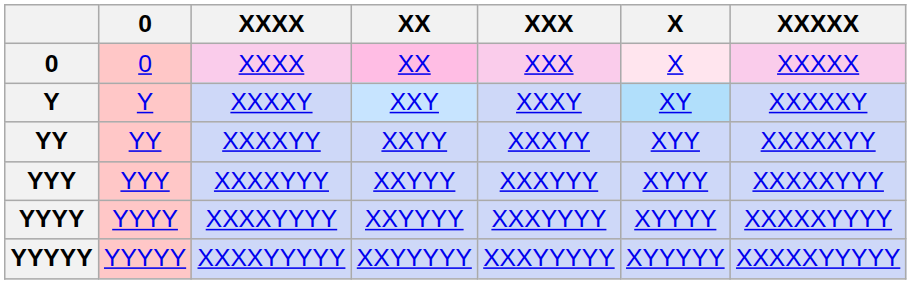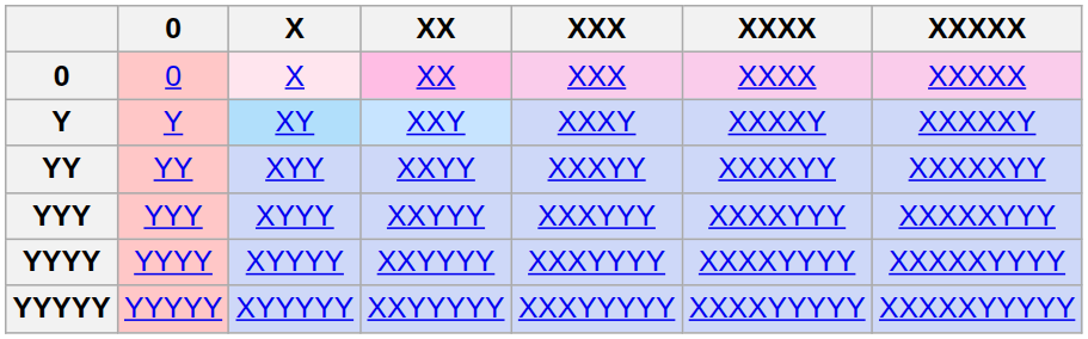 <table class="wikitable" style="text-align: center;">
 <tr>
 <th scope="col"></th>
 <th scope="col">0</th>
-<th scope="col">XXXX</th>
+<th scope="col">X</th>
 <th scope="col">XX</th>
 <th scope="col">XXX</th>
-<th scope="col">X</th>
+<th scope="col">XXXX</th>
 <th scope="col">XXXXX</th>
 </tr>
 <tr>
 <th scope="row">0</th>
 <td style="background: #ffc7c7;"><a href='#'>0</a></td>
-<td style="background: #facceb;"><a href='#'>XXXX</a></td>
+<td style="background: #ffe5ee;"><a href='#'>X</a></td>
 <td style="background: #ffbde4;"><a href='#'>XX</a></td>
 <td style="background: #facceb;"><a href='#'>XXX</a></td>
-<td style="background: #ffe5ee;"><a href='#'>X</a></td>
+<td style="background: #facceb;"><a href='#'>XXXX</a></td>
 <td style="background: #facceb;"><a href='#'>XXXXX</a></td>
 </tr>
 <tr>
 <th scope="row">Y</th>
 <td style="background: #ffc7c7;"><a href='#'>Y</a></td>
-<td style="background: #ced8f8;"><a href='#'>XXXXY</a></td>
+<td style="background: #b1dffb;"><a href='#'>XY</a></td>
 <td style="background: #c7e4ff;"><a href='#'>XXY</a></td>
 <td style="background: #ced8f8;"><a href='#'>XXXY</a></td>
-<td style="background: #b1dffb;"><a href='#'>XY</a></td>
+<td style="background: #ced8f8;"><a href='#'>XXXXY</a></td>
 <td style="background: #ced8f8;"><a href='#'>XXXXXY</a></td>
 </tr>
 <tr>
 <th scope="row">YY</th>
 <td style="background: #ffc7c7;"><a href='#'>YY</a></td>
-<td style="background: #ced8f8;"><a href='#'>XXXXYY</a></td>
+<td style="background: #ced8f8;"><a href='#'>XYY</a></td>
 <td style="background: #ced8f8;"><a href='#'>XXYY</a></td>
 <td style="background: #ced8f8;"><a href='#'>XXXYY</a></td>
-<td style="background: #ced8f8;"><a href='#'>XYY</a></td>
+<td style="background: #ced8f8;"><a href='#'>XXXXYY</a></td>
 <td style="background: #ced8f8;"><a href='#'>XXXXXYY</a></td>
 </tr>
 <tr>
 <th scope="row">YYY</th>
 <td style="background: #ffc7c7;"><a href='#'>YYY</a></td>
-<td style="background: #ced8f8;"><a href='#'>XXXXYYY</a></td>
+<td style="background: #ced8f8;"><a href='#'>XYYY</a></td>
 <td style="background: #ced8f8;"><a href='#'>XXYYY</a></td>
 <td style="background: #ced8f8;"><a href='#'>XXXYYY</a></td>
-<td style="background: #ced8f8;"><a href='#'>XYYY</a></td>
+<td style="background: #ced8f8;"><a href='#'>XXXXYYY</a></td>
 <td style="background: #ced8f8;"><a href='#'>XXXXXYYY</a></td>
 </tr>
 <tr>
 <th scope="row">YYYY</th>
 <td style="background: #ffc7c7;"><a href='#'>YYYY</a></td>
-<td style="background: #ced8f8;"><a href='#'>XXXXYYYY</a></td>
+<td style="background: #ced8f8;"><a href='#'>XYYYY</a></td>
 <td style="background: #ced8f8;"><a href='#'>XXYYYY</a></td>
 <td style="background: #ced8f8;"><a href='#'>XXXYYYY</a></td>
-<td style="background: #ced8f8;"><a href='#'>XYYYY</a></td>
+<td style="background: #ced8f8;"><a href='#'>XXXXYYYY</a></td>
 <td style="background: #ced8f8;"><a href='#'>XXXXXYYYY</a></td>
 </tr>
 <tr>
 <th scope="row">YYYYY</th>
 <td style="background: #ffc7c7;"><a href='#'>YYYYY</a></td>
-<td style="background: #ced8f8;"><a href='#'>XXXXYYYYY</a></td>
+<td style="background: #ced8f8;"><a href='#'>XYYYYY</a></td>
 <td style="background: #ced8f8;"><a href='#'>XXYYYYY</a></td>
 <td style="background: #ced8f8;"><a href='#'>XXXYYYYY</a></td>
-<td style="background: #ced8f8;"><a href='#'>XYYYYY</a></td>
+<td style="background: #ced8f8;"><a href='#'>XXXXYYYYY</a></td>
 <td style="background: #ced8f8;"><a href='#'>XXXXXYYYYY</a></td>
 </tr>
 </table>
